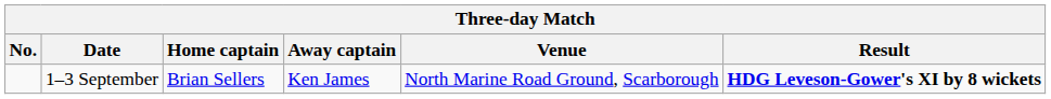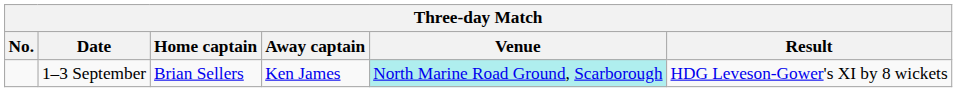 <table class="wikitable">
 <tr>
 <th colspan="9">Three-day Match</th>
 </tr>
 <tr>
 <th>No.</th>
 <th>Date</th>
 <th>Home captain</th>
 <th>Away captain</th>
 <th>Venue</th>
 <th>Result</th>
 </tr>
 <tr>
 <td></td>
 <td>1–3 September</td>
 <td><a href='#'>Brian Sellers</a></td>
 <td><a href='#'>Ken James</a></td>
-<td><a href='#'>North Marine Road Ground</a>, <a href='#'>Scarborough</a></td>
-<td><strong><a href='#'>HDG Leveson-Gower</a>'s XI by 8 wickets</strong></td>
+<td style="background: paleturquoise;"><a href='#'>North Marine Road Ground</a>, <a href='#'>Scarborough</a></td>
+<td><a href='#'>HDG Leveson-Gower</a>'s XI by 8 wickets</td>
 </tr>
 </table>
